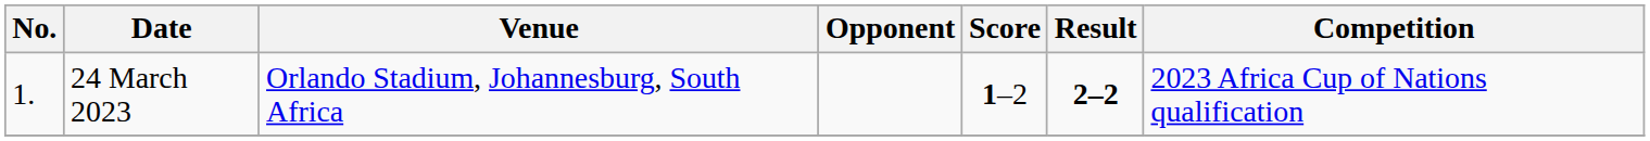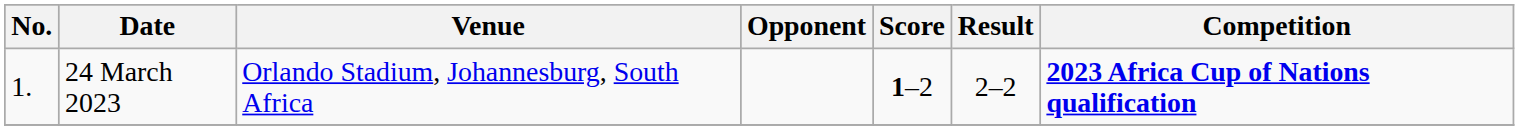 <table class="wikitable">
 <tr>
 <th>No.</th>
 <th>Date</th>
 <th>Venue</th>
 <th>Opponent</th>
 <th>Score</th>
 <th>Result</th>
 <th>Competition</th>
 </tr>
 <tr>
 <td>1.</td>
 <td>24 March 2023</td>
 <td><a href='#'>Orlando Stadium</a>, <a href='#'>Johannesburg</a>, <a href='#'>South Africa</a></td>
 <td></td>
 <td align=center><strong>1</strong>–2</td>
-<td align=center><strong>2–2</strong></td>
-<td><a href='#'>2023 Africa Cup of Nations qualification</a></td>
+<td align=center>2–2</td>
+<td><strong><a href='#'>2023 Africa Cup of Nations qualification</a></strong></td>
 </tr>
 <tr>
 </tr>
 </table>
